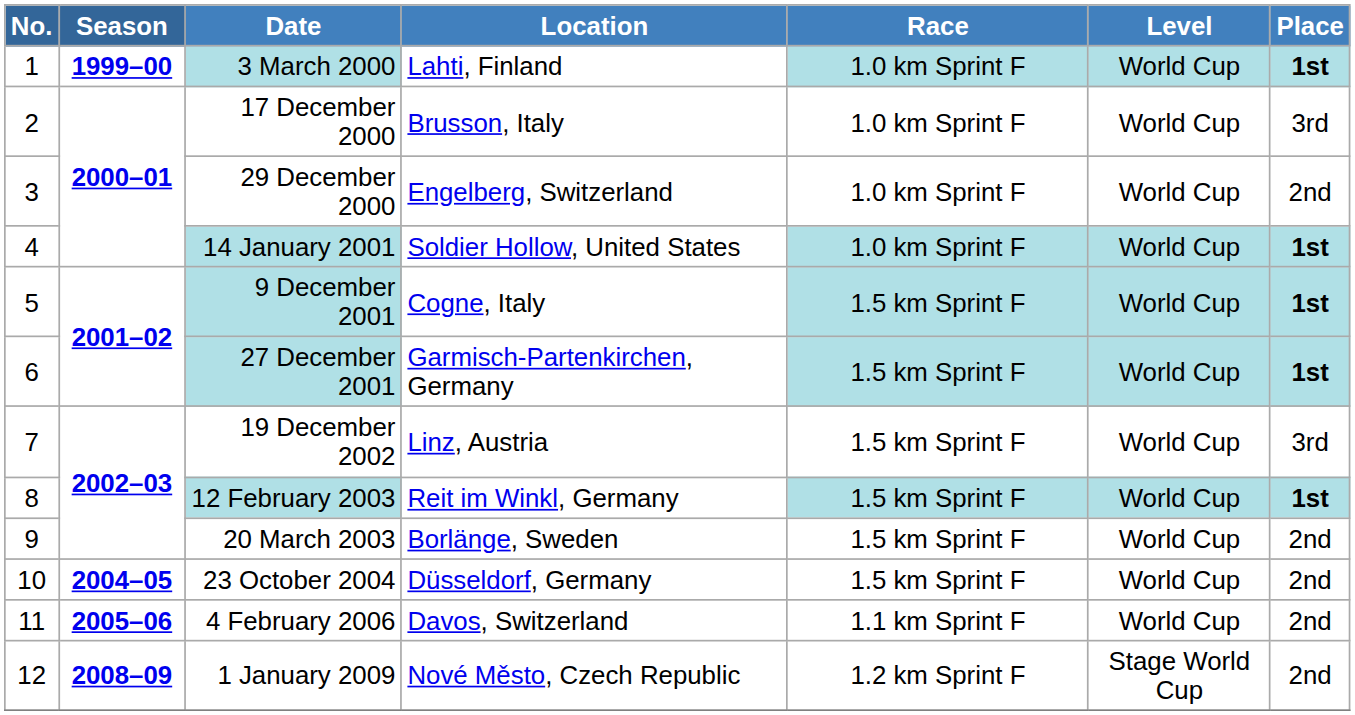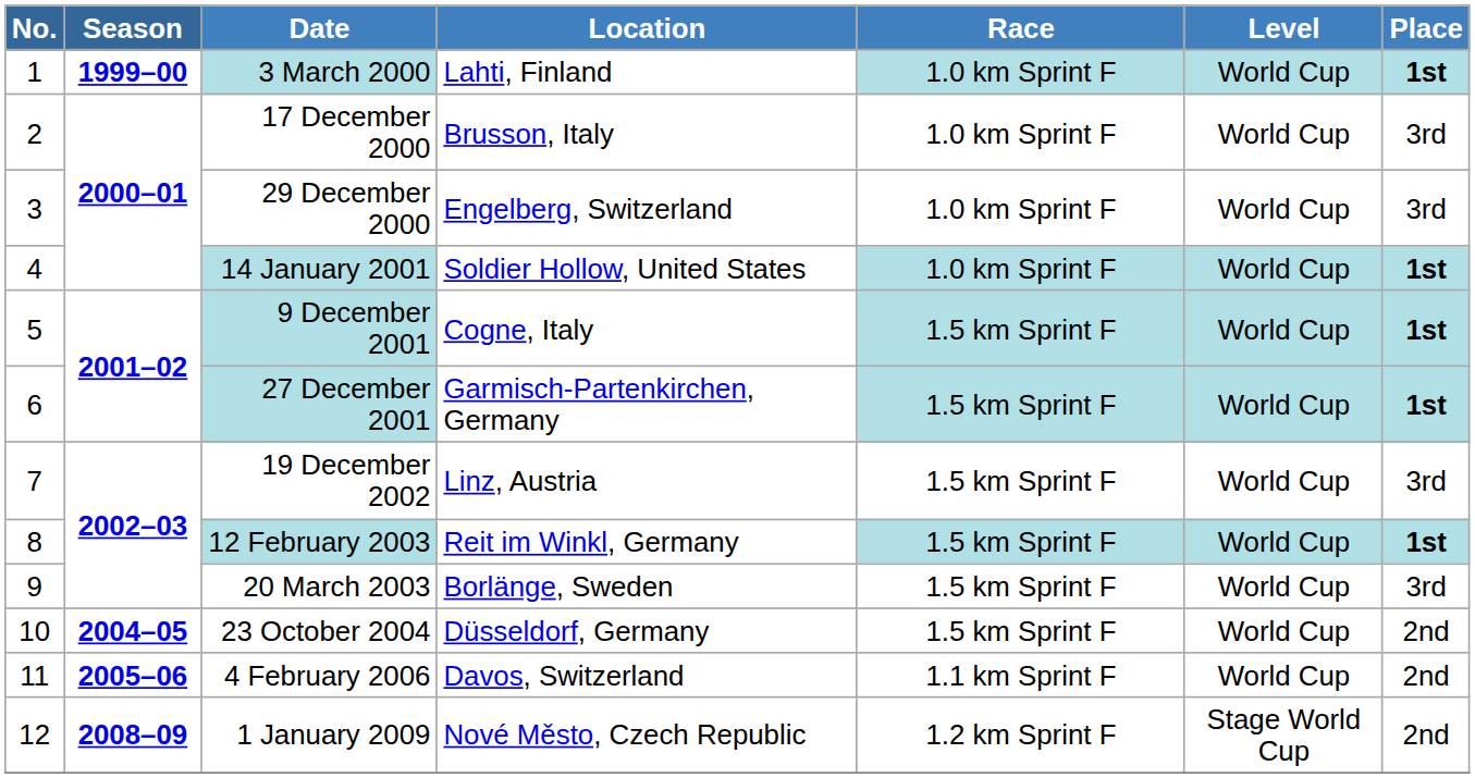 <table class="wikitable sortable" style="font-size:95%; text-align:center; border:grey solid 1px; border-collapse:collapse; background:#ffffff;">
 <tr style="background:#efefef;">
 <th style="background-color:#369; color:white;">No.</th>
 <th style="background-color:#369; color:white;">Season</th>
 <th style="background-color:#4180be; color:white; width:120px;">Date</th>
 <th style="background-color:#4180be; color:white; width:220px;">Location</th>
 <th style="background-color:#4180be; color:white; width:170px;">Race</th>
 <th style="background-color:#4180be; color:white; width:100px;">Level</th>
 <th style="background-color:#4180be; color:white;">Place</th>
 </tr>
 <tr>
 <td align=center>1</td>
 <td rowspan=1 align=center><strong><a href='#'>1999–00</a></strong></td>
 <td bgcolor="#BOEOE6" align=right>3 March 2000</td>
 <td align=left> <a href='#'>Lahti</a>, Finland</td>
 <td bgcolor="#BOEOE6">1.0 km Sprint F</td>
 <td bgcolor="#BOEOE6">World Cup</td>
 <td bgcolor="#BOEOE6"><strong>1st</strong></td>
 </tr>
 <tr>
 <td align=center>2</td>
 <td rowspan=3 align=center><strong><a href='#'>2000–01</a></strong></td>
 <td align=right>17 December 2000</td>
 <td align=left> <a href='#'>Brusson</a>, Italy</td>
 <td>1.0 km Sprint F</td>
 <td>World Cup</td>
 <td>3rd</td>
 </tr>
 <tr>
 <td align=center>3</td>
 <td align=right>29 December 2000</td>
 <td align=left> <a href='#'>Engelberg</a>, Switzerland</td>
 <td>1.0 km Sprint F</td>
 <td>World Cup</td>
-<td>2nd</td>
+<td>3rd</td>
 </tr>
 <tr>
 <td align=center>4</td>
 <td bgcolor="#BOEOE6" align=right>14 January 2001</td>
 <td align=left> <a href='#'>Soldier Hollow</a>, United States</td>
 <td bgcolor="#BOEOE6">1.0 km Sprint F</td>
 <td bgcolor="#BOEOE6">World Cup</td>
 <td bgcolor="#BOEOE6"><strong>1st</strong></td>
 </tr>
 <tr>
 <td align=center>5</td>
 <td rowspan=2 align=center><strong><a href='#'>2001–02</a></strong></td>
 <td bgcolor="#BOEOE6" align=right>9 December 2001</td>
 <td align=left> <a href='#'>Cogne</a>, Italy</td>
 <td bgcolor="#BOEOE6">1.5 km Sprint F</td>
 <td bgcolor="#BOEOE6">World Cup</td>
 <td bgcolor="#BOEOE6"><strong>1st</strong></td>
 </tr>
 <tr>
 <td align=center>6</td>
 <td bgcolor="#BOEOE6" align=right>27 December 2001</td>
 <td align=left> <a href='#'>Garmisch-Partenkirchen</a>, Germany</td>
 <td bgcolor="#BOEOE6">1.5 km Sprint F</td>
 <td bgcolor="#BOEOE6">World Cup</td>
 <td bgcolor="#BOEOE6"><strong>1st</strong></td>
 </tr>
 <tr>
 <td align=center>7</td>
 <td rowspan=3 align=center><strong> <a href='#'>2002–03</a> </strong></td>
 <td align=right>19 December 2002</td>
 <td align=left> <a href='#'>Linz</a>, Austria</td>
 <td>1.5 km Sprint F</td>
 <td>World Cup</td>
 <td>3rd</td>
 </tr>
 <tr>
 <td align=center>8</td>
 <td bgcolor="#BOEOE6" align=right>12 February 2003</td>
 <td align=left> <a href='#'>Reit im Winkl</a>, Germany</td>
 <td bgcolor="#BOEOE6">1.5 km Sprint F</td>
 <td bgcolor="#BOEOE6">World Cup</td>
 <td bgcolor="#BOEOE6"><strong>1st</strong></td>
 </tr>
 <tr>
 <td align=center>9</td>
 <td align=right>20 March 2003</td>
 <td align=left> <a href='#'>Borlänge</a>, Sweden</td>
 <td>1.5 km Sprint F</td>
 <td>World Cup</td>
-<td>2nd</td>
+<td>3rd</td>
 </tr>
 <tr>
 <td align=center>10</td>
 <td rowspan=1 align=center><strong><a href='#'>2004–05</a></strong></td>
 <td align=right>23 October 2004</td>
 <td align=left> <a href='#'>Düsseldorf</a>, Germany</td>
 <td>1.5 km Sprint F</td>
 <td>World Cup</td>
 <td>2nd</td>
 </tr>
 <tr>
 <td align=center>11</td>
 <td rowspan=1 align=center><strong><a href='#'>2005–06</a></strong></td>
 <td align=right>4 February 2006</td>
 <td align=left> <a href='#'>Davos</a>, Switzerland</td>
 <td>1.1 km Sprint F</td>
 <td>World Cup</td>
 <td>2nd</td>
 </tr>
 <tr>
 <td align=center>12</td>
 <td rowspan=1 align=center><strong><a href='#'>2008–09</a></strong></td>
 <td align=right>1 January 2009</td>
 <td align=left> <a href='#'>Nové Město</a>, Czech Republic</td>
 <td>1.2 km Sprint F</td>
 <td>Stage World Cup</td>
 <td>2nd</td>
 </tr>
 <tr>
 </tr>
 </table>
